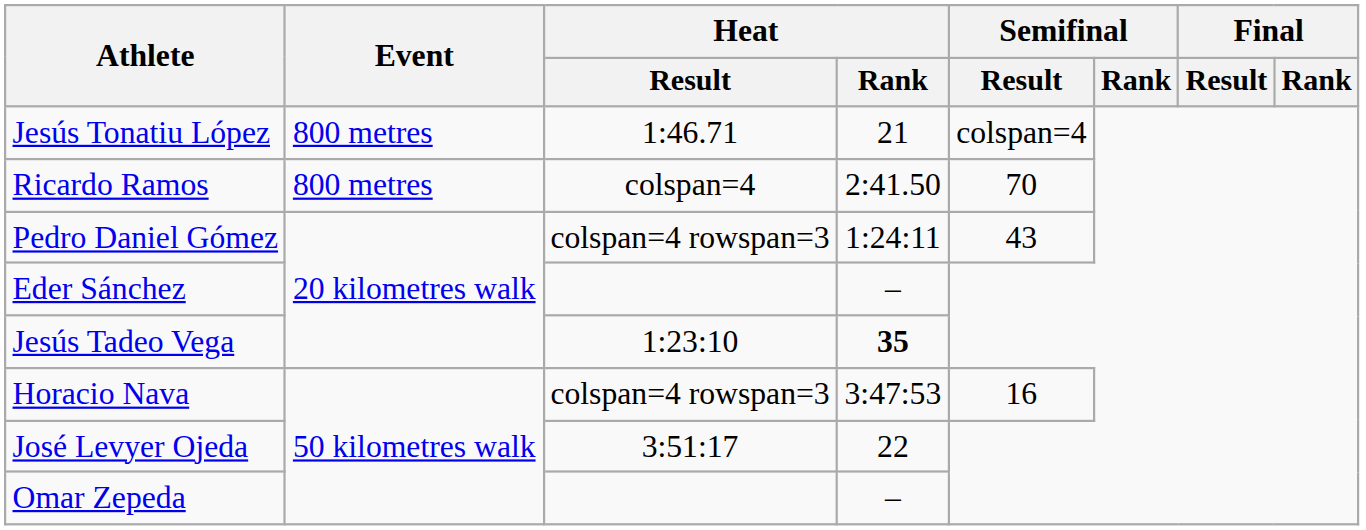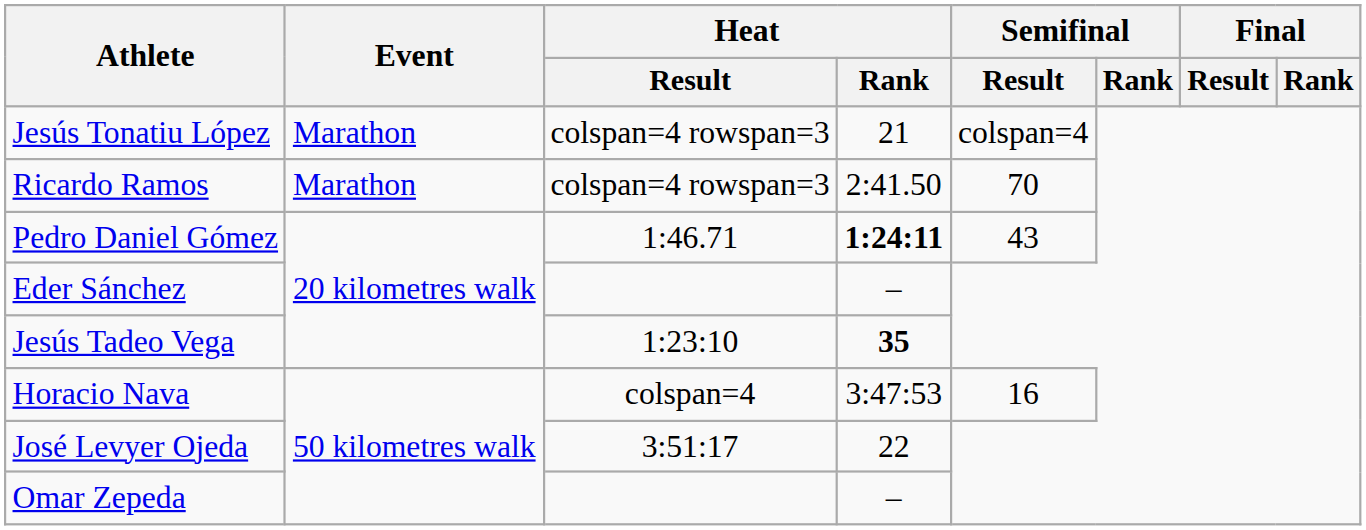 <table class=wikitable style=font-size:90%>
 <tr>
 <th rowspan=2>Athlete</th>
 <th rowspan=2>Event</th>
 <th colspan=2>Heat</th>
 <th colspan=2>Semifinal</th>
 <th colspan=2>Final</th>
 </tr>
 <tr style=font-size:95%>
 <th>Result</th>
 <th>Rank</th>
 <th>Result</th>
 <th>Rank</th>
 <th>Result</th>
 <th>Rank</th>
 </tr>
 <tr align=center>
 <td align=left><a href='#'>Jesús Tonatiu López</a></td>
-<td align=left><a href='#'>800 metres</a></td>
-<td>1:46.71</td>
+<td align=left><a href='#'>Marathon</a></td>
+<td>colspan=4 rowspan=3 </td>
 <td>21</td>
 <td>colspan=4 </td>
 </tr>
 <tr align=center>
 <td align=left><a href='#'>Ricardo Ramos</a></td>
-<td align=left><a href='#'>800 metres</a></td>
-<td>colspan=4 </td>
+<td align=left><a href='#'>Marathon</a></td>
+<td>colspan=4 rowspan=3 </td>
 <td>2:41.50 <strong></strong></td>
 <td>70</td>
 </tr>
 <tr align=center>
 <td align=left><a href='#'>Pedro Daniel Gómez</a></td>
 <td align=left rowspan=3><a href='#'>20 kilometres walk</a></td>
-<td>colspan=4 rowspan=3 </td>
-<td>1:24:11</td>
+<td>1:46.71</td>
+<td><strong>1:24:11</strong></td>
 <td>43</td>
 </tr>
 <tr align=center>
 <td align=left><a href='#'>Eder Sánchez</a></td>
 <td></td>
 <td>–</td>
 </tr>
 <tr align=center>
 <td align=left><a href='#'>Jesús Tadeo Vega</a></td>
 <td>1:23:10 <strong></strong></td>
 <td><strong>35</strong></td>
 </tr>
 <tr align=center>
 <td align=left><a href='#'>Horacio Nava</a></td>
 <td align=left rowspan=3><a href='#'>50 kilometres walk</a></td>
-<td>colspan=4 rowspan=3 </td>
+<td>colspan=4 </td>
 <td>3:47:53 <strong></strong></td>
 <td>16</td>
 </tr>
 <tr align=center>
 <td align=left><a href='#'>José Levyer Ojeda</a></td>
 <td>3:51:17</td>
 <td>22</td>
 </tr>
 <tr align=center>
 <td align=left><a href='#'>Omar Zepeda</a></td>
 <td></td>
 <td>–</td>
 </tr>
 </table>
